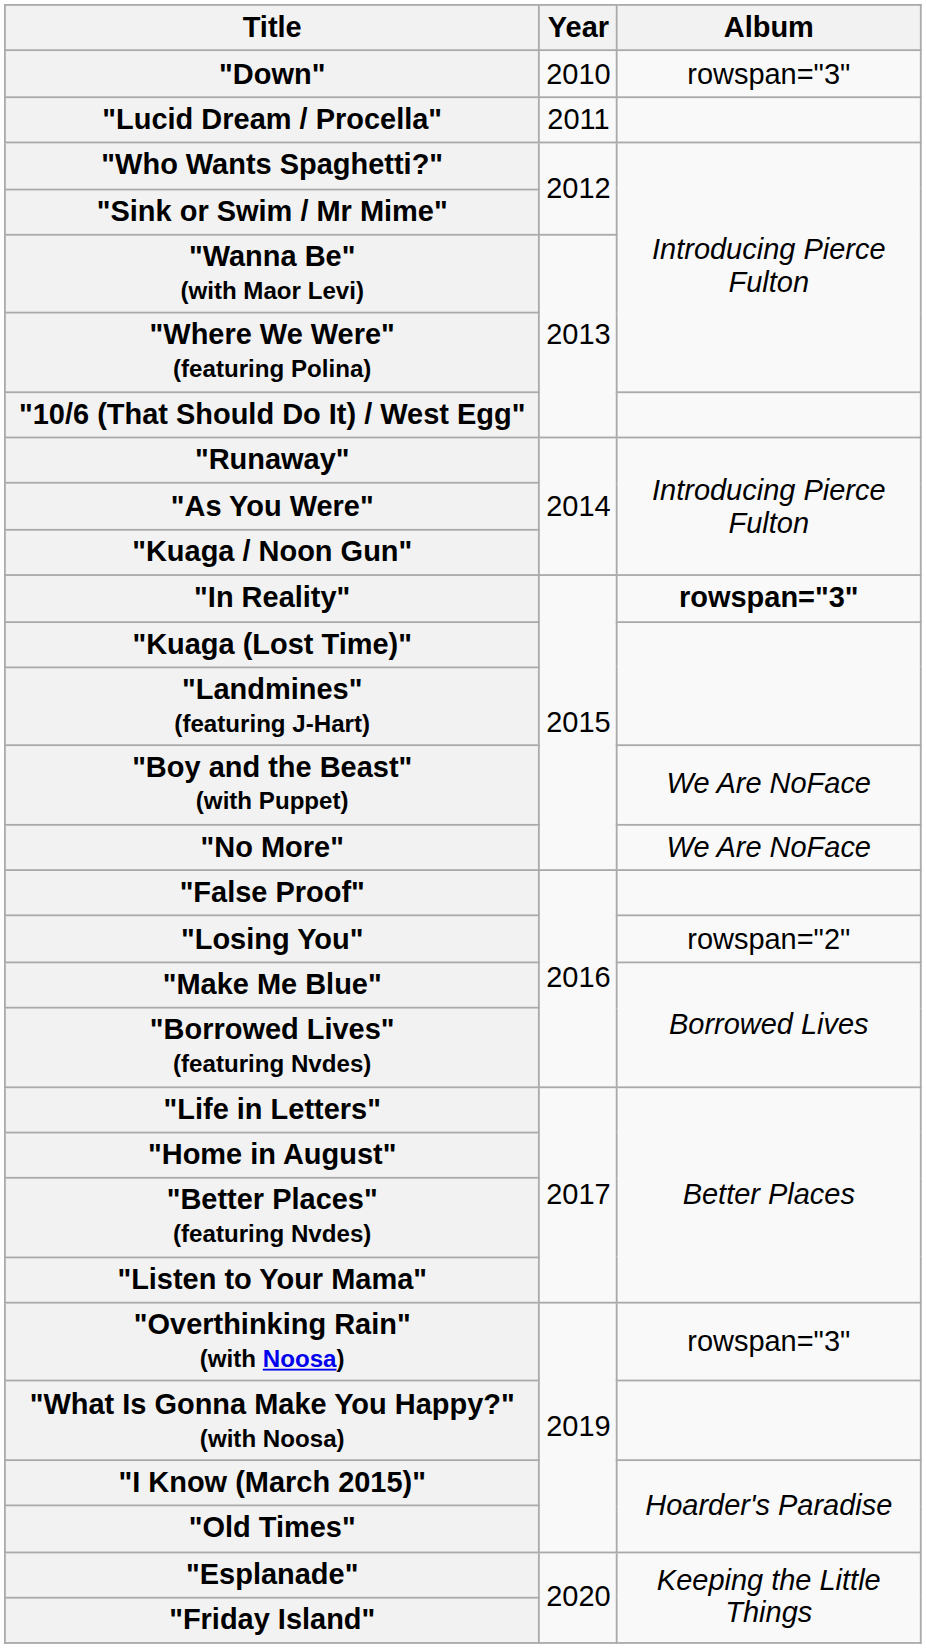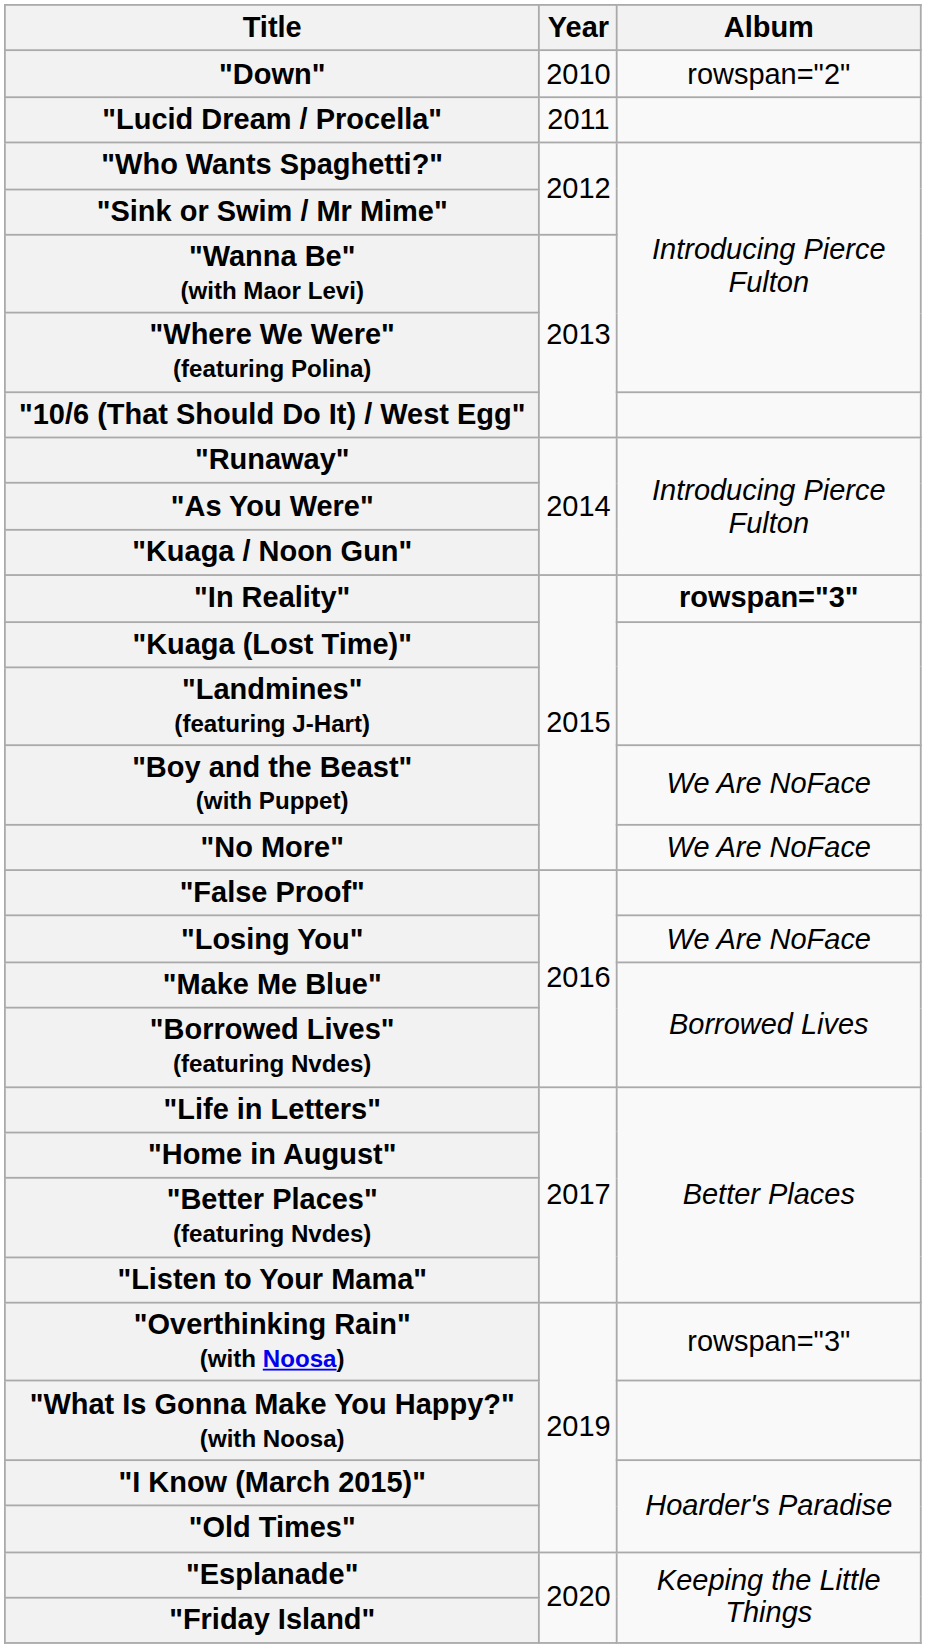 <table class="wikitable plainrowheaders" style="text-align:center;">
 <tr>
 <th scope="col" style="width:18em;">Title</th>
 <th scope="col" style="width:2em;">Year</th>
 <th scope="col" style="width:10em;">Album</th>
 </tr>
 <tr>
 <th scope="row">"Down"</th>
 <td>2010</td>
-<td>rowspan="3" </td>
+<td>rowspan="2" </td>
 </tr>
 <tr>
 <th scope="row">"Lucid Dream / Procella"</th>
 <td>2011</td>
 </tr>
 <tr>
 <th scope="row">"Who Wants Spaghetti?"</th>
 <td rowspan="2">2012</td>
 <td rowspan="4"><em>Introducing Pierce Fulton</em></td>
 </tr>
 <tr>
 <th scope="row">"Sink or Swim / Mr Mime"</th>
 </tr>
 <tr>
 <th scope="row">"Wanna Be" <br><small>(with Maor Levi)</small></th>
 <td rowspan="3">2013</td>
 </tr>
 <tr>
 <th scope="row">"Where We Were" <br><small>(featuring Polina)</small></th>
 </tr>
 <tr>
 <th scope="row">"10/6 (That Should Do It) / West Egg"</th>
 <td></td>
 </tr>
 <tr>
 <th scope="row">"Runaway"</th>
 <td rowspan="3">2014</td>
 <td rowspan="3"><em>Introducing Pierce Fulton</em></td>
 </tr>
 <tr>
 <th scope="row">"As You Were"</th>
 </tr>
 <tr>
 <th scope="row">"Kuaga / Noon Gun"</th>
 </tr>
 <tr>
 <th scope="row">"In Reality"</th>
 <td rowspan="5">2015</td>
 <td><strong>rowspan="3" </strong></td>
 </tr>
 <tr>
 <th scope="row">"Kuaga (Lost Time)"</th>
 </tr>
 <tr>
 <th scope="row">"Landmines" <br><small>(featuring J-Hart)</small></th>
 </tr>
 <tr>
 <th scope="row">"Boy and the Beast" <br><small>(with Puppet)</small></th>
 <td><em>We Are NoFace</em></td>
 </tr>
 <tr>
 <th scope="row">"No More"</th>
 <td><em>We Are NoFace</em></td>
 </tr>
 <tr>
 <th scope="row">"False Proof"</th>
 <td rowspan="4">2016</td>
 </tr>
 <tr>
 <th scope="row">"Losing You"</th>
-<td>rowspan="2" </td>
+<td><em>We Are NoFace</em></td>
 </tr>
 <tr>
 <th scope="row">"Make Me Blue"</th>
 <td rowspan="2"><em>Borrowed Lives</em></td>
 </tr>
 <tr>
 <th scope="row">"Borrowed Lives" <br><small>(featuring Nvdes)</small></th>
 </tr>
 <tr>
 <th scope="row">"Life in Letters"</th>
 <td rowspan="4">2017</td>
 <td rowspan="4"><em>Better Places</em></td>
 </tr>
 <tr>
 <th scope="row">"Home in August"</th>
 </tr>
 <tr>
 <th scope="row">"Better Places" <br><small>(featuring Nvdes)</small></th>
 </tr>
 <tr>
 <th scope="row">"Listen to Your Mama"</th>
 </tr>
 <tr>
 <th scope="row">"Overthinking Rain" <br><small>(with <a href='#'>Noosa</a>)</small></th>
 <td rowspan="4">2019</td>
 <td>rowspan="3" </td>
 </tr>
 <tr>
 <th scope="row">"What Is Gonna Make You Happy?" <br><small>(with Noosa)</small></th>
 </tr>
 <tr>
 <th scope="row">"I Know (March 2015)"</th>
 <td rowspan="2"><em>Hoarder's Paradise</em></td>
 </tr>
 <tr>
 <th scope="row">"Old Times"</th>
 </tr>
 <tr>
 <th scope="row">"Esplanade"</th>
 <td rowspan="2">2020</td>
 <td rowspan="2"><em>Keeping the Little Things</em></td>
 </tr>
 <tr>
 <th scope="row">"Friday Island"</th>
 </tr>
 </table>
